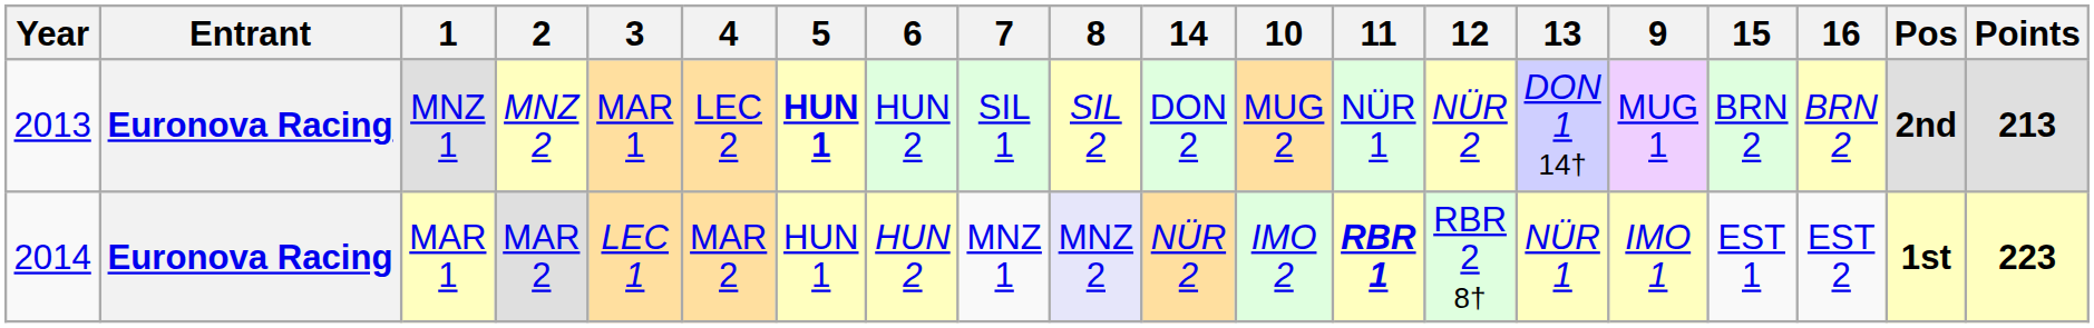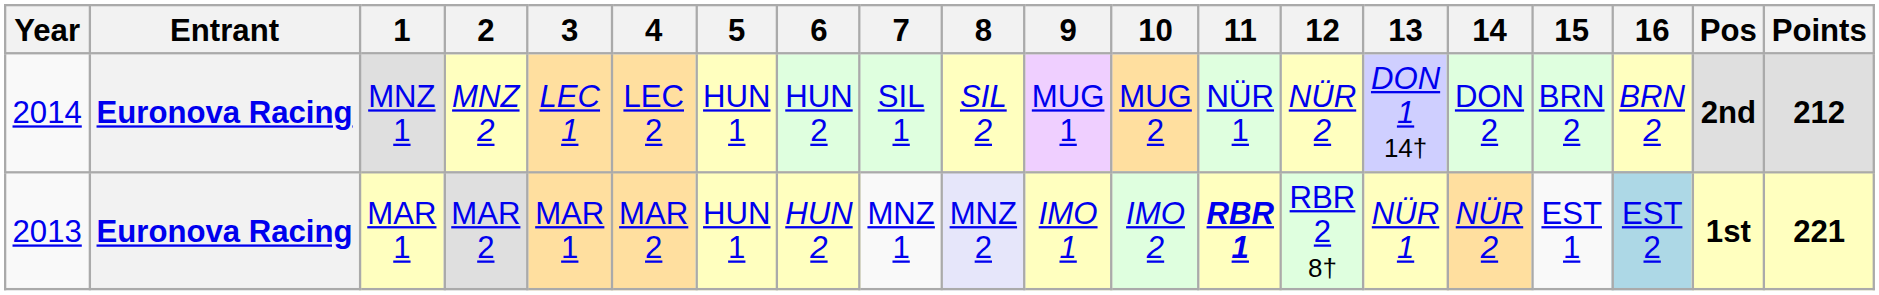 <table class="wikitable" style="text-align:center; font-size:85%">
 <tr>
 <th>Year</th>
 <th>Entrant</th>
 <th>1</th>
 <th>2</th>
 <th>3</th>
 <th>4</th>
 <th>5</th>
 <th>6</th>
 <th>7</th>
 <th>8</th>
-<th>14</th>
+<th>9</th>
 <th>10</th>
 <th>11</th>
 <th>12</th>
 <th>13</th>
-<th>9</th>
+<th>14</th>
 <th>15</th>
 <th>16</th>
 <th>Pos</th>
 <th>Points</th>
 </tr>
 <tr>
-<td><a href='#'>2013</a></td>
+<td><a href='#'>2014</a></td>
 <th nowrap><a href='#'>Euronova Racing</a></th>
 <td style="background:#DFDFDF;"><a href='#'>MNZ<br>1</a><br></td>
 <td style="background:#FFFFBF;"><em><a href='#'>MNZ<br>2</a></em><br></td>
-<td style="background:#FFDF9F;"><a href='#'>MAR<br>1</a><br></td>
+<td style="background:#FFDF9F;"><em><a href='#'>LEC<br>1</a></em><br></td>
 <td style="background:#FFDF9F;"><a href='#'>LEC<br>2</a><br></td>
-<td style="background:#FFFFBF;"><strong><a href='#'>HUN<br>1</a><br></strong></td>
+<td style="background:#FFFFBF;"><a href='#'>HUN<br>1</a><br></td>
 <td style="background:#DFFFDF;"><a href='#'>HUN<br>2</a><br></td>
 <td style="background:#DFFFDF;"><a href='#'>SIL<br>1</a><br></td>
 <td style="background:#FFFFBF;"><em><a href='#'>SIL<br>2</a></em><br></td>
-<td style="background:#DFFFDF;"><a href='#'>DON<br>2</a><br></td>
+<td style="background:#EFCFFF;"><a href='#'>MUG<br>1</a><br></td>
 <td style="background:#FFDF9F;"><a href='#'>MUG<br>2</a><br></td>
 <td style="background:#DFFFDF;"><a href='#'>NÜR<br>1</a><br></td>
 <td style="background:#FFFFBF;"><em><a href='#'>NÜR<br>2</a></em><br></td>
 <td style="background:#CFCFFF;"><em><a href='#'>DON<br>1</a></em><br><small>14†</small></td>
-<td style="background:#EFCFFF;"><a href='#'>MUG<br>1</a><br></td>
+<td style="background:#DFFFDF;"><a href='#'>DON<br>2</a><br></td>
 <td style="background:#DFFFDF;"><a href='#'>BRN<br>2</a><br></td>
 <td style="background:#FFFFBF;"><em><a href='#'>BRN<br>2</a></em><br></td>
 <th style="background:#DFDFDF;">2nd</th>
-<th style="background:#DFDFDF;">213</th>
+<th style="background:#DFDFDF;">212</th>
 </tr>
 <tr>
-<td><a href='#'>2014</a></td>
+<td><a href='#'>2013</a></td>
 <th nowrap><a href='#'>Euronova Racing</a></th>
 <td style="background:#FFFFBF;"><a href='#'>MAR<br>1</a><br></td>
 <td style="background:#DFDFDF;"><a href='#'>MAR<br>2</a><br></td>
-<td style="background:#FFDF9F;"><em><a href='#'>LEC<br>1</a></em><br></td>
+<td style="background:#FFDF9F;"><a href='#'>MAR<br>1</a><br></td>
 <td style="background:#FFDF9F;"><a href='#'>MAR<br>2</a><br></td>
 <td style="background:#FFFFBF;"><a href='#'>HUN<br>1</a><br></td>
 <td style="background:#FFFFBF;"><em><a href='#'>HUN<br>2</a></em><br></td>
 <td><a href='#'>MNZ<br>1</a></td>
 <td style="background: lavender;"><a href='#'>MNZ<br>2</a></td>
-<td style="background:#FFDF9F;"><em><a href='#'>NÜR<br>2</a></em><br></td>
+<td style="background:#FFFFBF;"><em><a href='#'>IMO<br>1</a></em><br></td>
 <td style="background:#DFFFDF;"><em><a href='#'>IMO<br>2</a></em><br></td>
 <td style="background:#FFFFBF;"><strong><em><a href='#'>RBR<br>1</a></em></strong><br></td>
 <td style="background:#DFFFDF;"><a href='#'>RBR<br>2</a><br><small>8†</small></td>
 <td style="background:#FFFFBF;"><em><a href='#'>NÜR<br>1</a></em><br></td>
-<td style="background:#FFFFBF;"><em><a href='#'>IMO<br>1</a></em><br></td>
+<td style="background:#FFDF9F;"><em><a href='#'>NÜR<br>2</a></em><br></td>
 <td><a href='#'>EST<br>1</a></td>
-<td><a href='#'>EST<br>2</a></td>
+<td style="background: lightblue;"><a href='#'>EST<br>2</a></td>
 <th style="background:#FFFFBF;">1st</th>
-<th style="background:#FFFFBF;">223</th>
+<th style="background:#FFFFBF;">221</th>
 </tr>
 </table>
